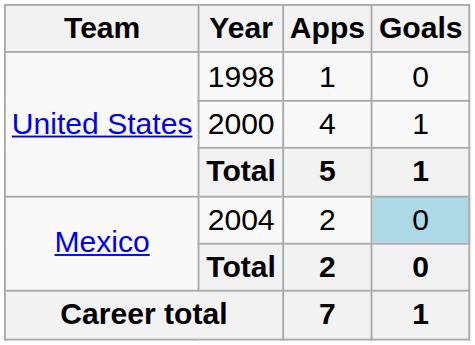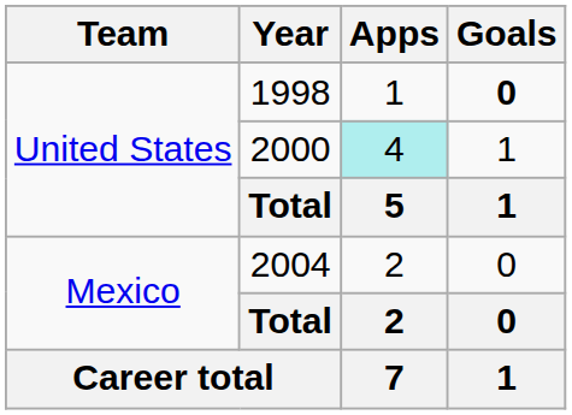 <table class="wikitable" style="text-align:center">
 <tr>
 <th>Team</th>
 <th>Year</th>
 <th>Apps</th>
 <th>Goals</th>
 </tr>
 <tr>
 <td rowspan="3"><a href='#'>United States</a></td>
 <td>1998</td>
 <td>1</td>
-<td>0</td>
+<td><strong>0</strong></td>
 </tr>
 <tr>
 <td>2000</td>
-<td>4</td>
+<td style="background: paleturquoise;">4</td>
 <td>1</td>
 </tr>
 <tr>
 <th>Total</th>
 <th>5</th>
 <th>1</th>
 </tr>
 <tr>
 <td rowspan="2"><a href='#'>Mexico</a></td>
 <td>2004</td>
 <td>2</td>
-<td style="background: lightblue;">0</td>
+<td>0</td>
 </tr>
 <tr>
 <th>Total</th>
 <th>2</th>
 <th>0</th>
 </tr>
 <tr>
 <th colspan="2">Career total</th>
 <th>7</th>
 <th>1</th>
 </tr>
 </table>
